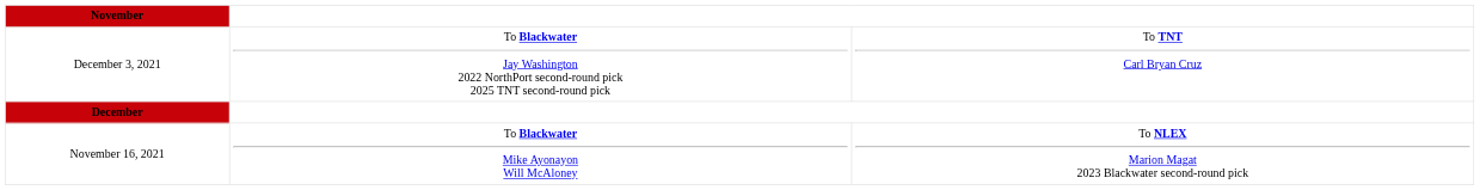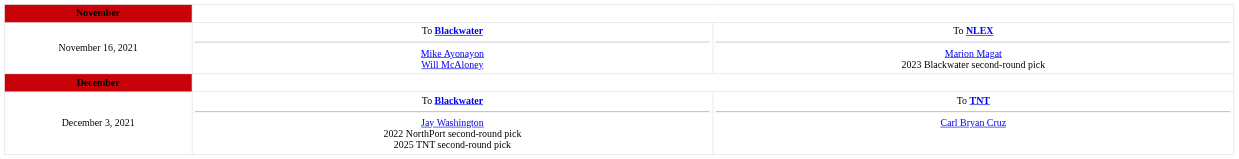 <table border=1 style="border-collapse:collapse; text-align: center; width: 100%" bordercolor="#DFDFDF"  cellpadding="5">
 <tr bgcolor="eeeeee">
 <th style="background:#C70309; color:#000000; ">November</th>
+</tr>
+<tr>
+<td style="width:12%">November 16, 2021</td>
+<td style="width:33.3%" valign="top">To <strong><a href='#'>Blackwater</a></strong><hr><a href='#'>Mike Ayonayon</a><br><a href='#'>Will McAloney</a></td>
+<td style="width:33.3%" valign="top">To <strong><a href='#'>NLEX</a></strong><hr><a href='#'>Marion Magat</a><br>2023 Blackwater second-round pick</td>
+</tr>
+<tr>
+<th style="background:#C70309; color:#000000; ">December</th>
 </tr>
 <tr>
 <td style="width:12%">December 3, 2021</td>
 <td style="width:33.3%" valign="top">To <strong><a href='#'>Blackwater</a></strong><hr><a href='#'>Jay Washington</a><br>2022 NorthPort second-round pick<br>2025 TNT second-round pick</td>
 <td style="width:33.3%" valign="top">To <strong><a href='#'>TNT</a></strong><hr><a href='#'>Carl Bryan Cruz</a></td>
 </tr>
-<tr>
-<th style="background:#C70309; color:#000000; ">December</th>
-</tr>
-<tr>
-<td style="width:12%">November 16, 2021</td>
-<td style="width:33.3%" valign="top">To <strong><a href='#'>Blackwater</a></strong><hr><a href='#'>Mike Ayonayon</a><br><a href='#'>Will McAloney</a></td>
-<td style="width:33.3%" valign="top">To <strong><a href='#'>NLEX</a></strong><hr><a href='#'>Marion Magat</a><br>2023 Blackwater second-round pick</td>
-</tr>
 </table>
